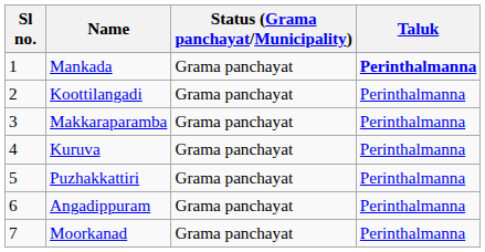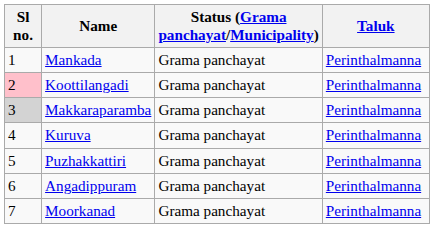 <table class="wikitable sortable" style="font-size: 95%;">
 <tr>
 <th width="30px">Sl no.</th>
 <th width="100px">Name</th>
 <th width="130px">Status (<a href='#'>Grama panchayat</a>/<a href='#'>Municipality</a>)</th>
 <th width="100px"><a href='#'>Taluk</a></th>
 </tr>
 <tr>
 <td>1</td>
 <td><a href='#'>Mankada</a></td>
 <td>Grama panchayat</td>
-<td><strong><a href='#'>Perinthalmanna</a></strong></td>
+<td><a href='#'>Perinthalmanna</a></td>
 </tr>
 <tr>
-<td>2</td>
+<td style="background: pink;">2</td>
 <td><a href='#'>Koottilangadi</a></td>
 <td>Grama panchayat</td>
 <td><a href='#'>Perinthalmanna</a></td>
 </tr>
 <tr>
-<td>3</td>
+<td style="background: lightgrey;">3</td>
 <td><a href='#'>Makkaraparamba</a></td>
 <td>Grama panchayat</td>
 <td><a href='#'>Perinthalmanna</a></td>
 </tr>
 <tr>
 <td>4</td>
 <td><a href='#'>Kuruva</a></td>
 <td>Grama panchayat</td>
 <td><a href='#'>Perinthalmanna</a></td>
 </tr>
 <tr>
 <td>5</td>
 <td><a href='#'>Puzhakkattiri</a></td>
 <td>Grama panchayat</td>
 <td><a href='#'>Perinthalmanna</a></td>
 </tr>
 <tr>
 <td>6</td>
 <td><a href='#'>Angadippuram</a></td>
 <td>Grama panchayat</td>
 <td><a href='#'>Perinthalmanna</a></td>
 </tr>
 <tr>
 <td>7</td>
 <td><a href='#'>Moorkanad</a></td>
 <td>Grama panchayat</td>
 <td><a href='#'>Perinthalmanna</a></td>
 </tr>
 <tr>
 </tr>
 </table>
